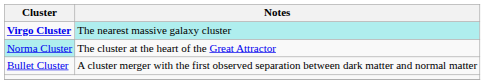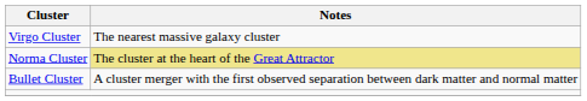 <table class=wikitable>
 <tr>
 <th>Cluster</th>
 <th>Notes</th>
 </tr>
 <tr>
-<td><strong><a href='#'>Virgo Cluster</a></strong></td>
-<td style="background: paleturquoise;">The nearest massive galaxy cluster</td>
+<td><a href='#'>Virgo Cluster</a></td>
+<td>The nearest massive galaxy cluster</td>
 </tr>
 <tr>
-<td style="background: paleturquoise;"><a href='#'>Norma Cluster</a></td>
-<td>The cluster at the heart of the <a href='#'>Great Attractor</a></td>
+<td><a href='#'>Norma Cluster</a></td>
+<td style="background: khaki;">The cluster at the heart of the <a href='#'>Great Attractor</a></td>
 </tr>
 <tr>
 <td><a href='#'>Bullet Cluster</a></td>
 <td>A cluster merger with the first observed separation between dark matter and normal matter</td>
 </tr>
 <tr class=sortbottom>
 <td colspan=99></td>
 </tr>
 <tr>
 </tr>
 </table>
